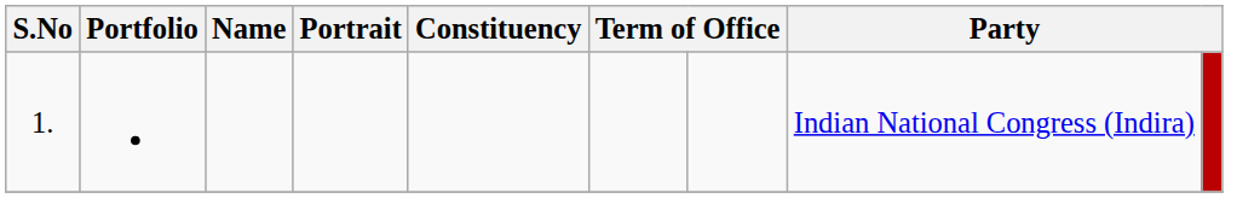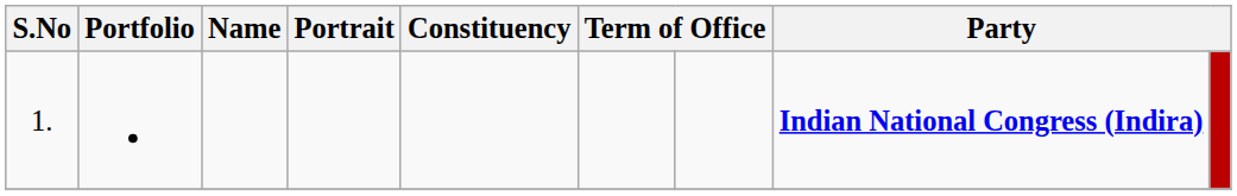 <table class="wikitable sortable" style="text-align:center;">
 <tr>
 <th>S.No</th>
 <th>Portfolio</th>
 <th>Name</th>
 <th>Portrait</th>
 <th>Constituency</th>
 <th colspan="2">Term of Office</th>
 <th colspan="2" scope="col">Party</th>
 </tr>
 <tr>
 <td>1.</td>
 <td><br><ul><li></li></ul></td>
 <td></td>
 <td></td>
 <td></td>
 <td></td>
 <td></td>
-<td><a href='#'>Indian National Congress (Indira)</a></td>
+<td><strong><a href='#'>Indian National Congress (Indira)</a></strong></td>
 <td width="4px" bgcolor="background-color: "></td>
 </tr>
 <tr style="text-align:center">
 </tr>
 </table>
